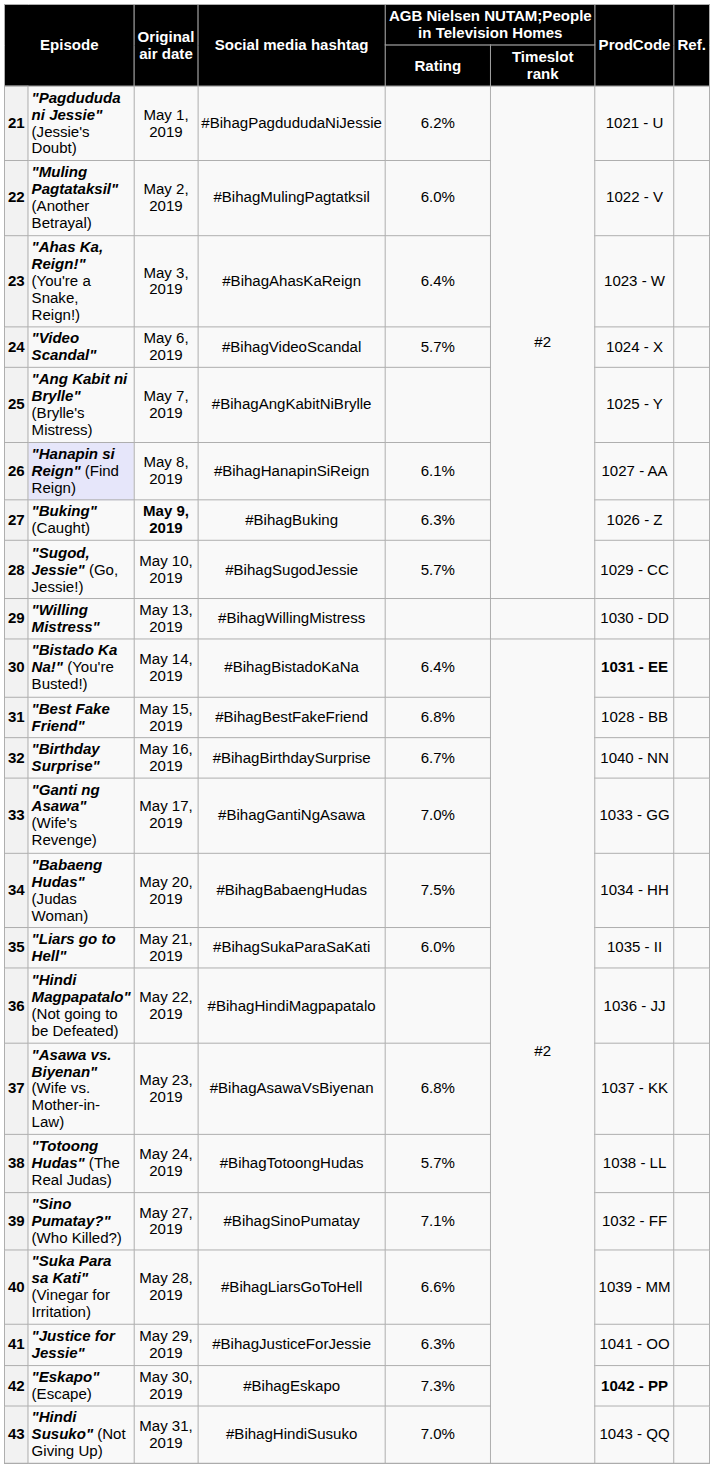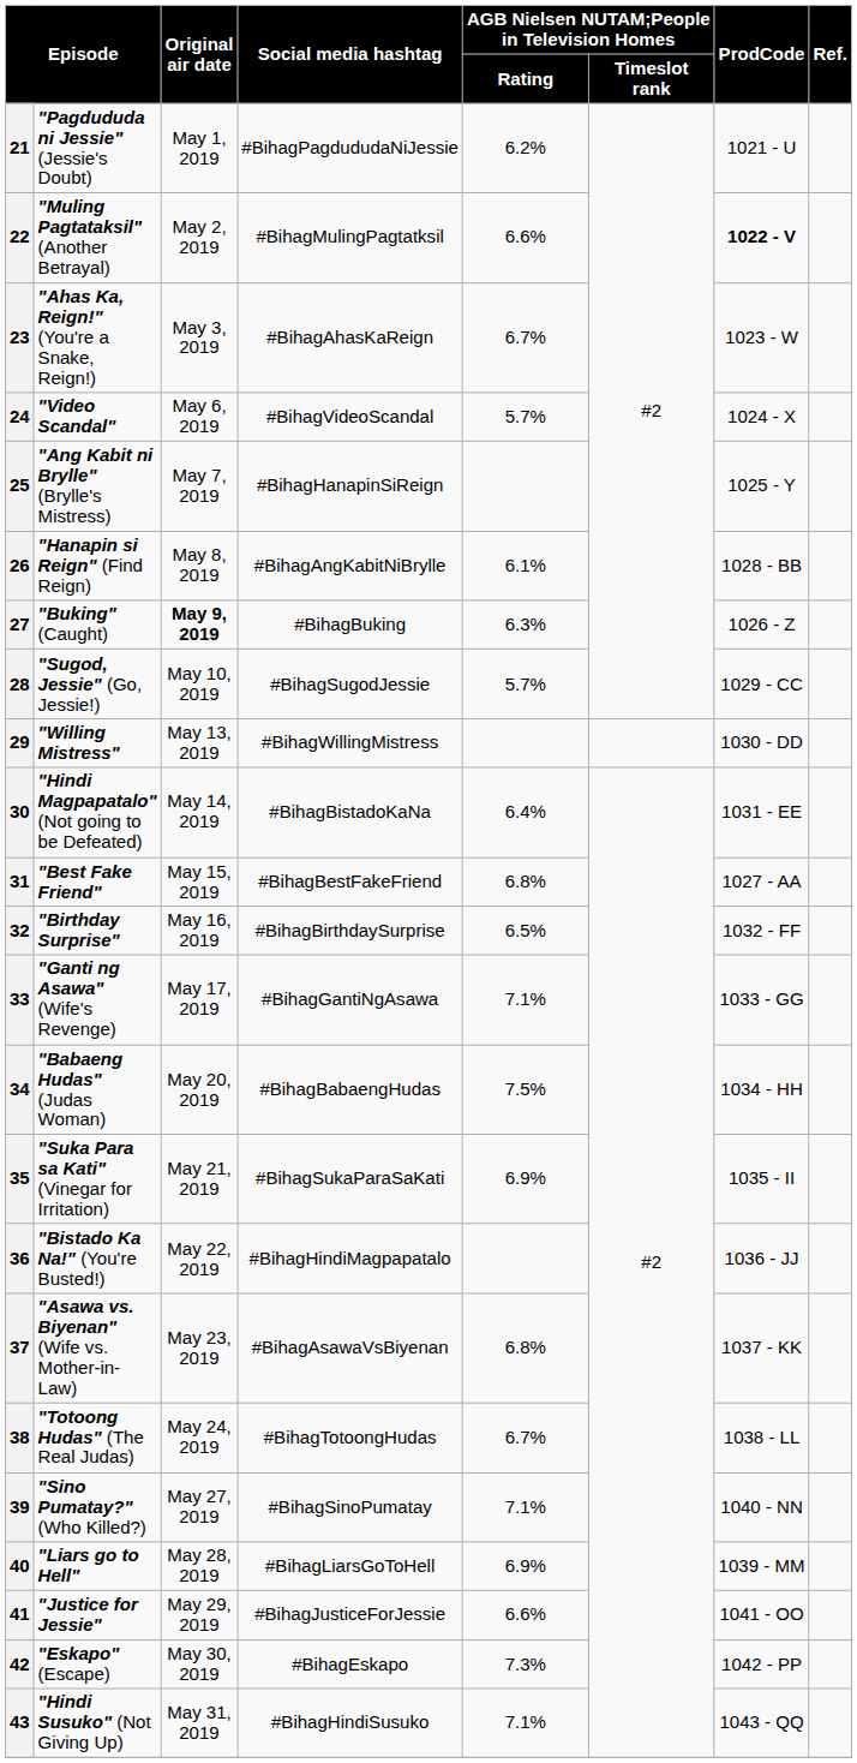 <table class="wikitable" style="text-align:center; font-size:100%; line-height:18px;" width="100%">
 <tr>
 <th style="background-color:#000000; color:#ffffff;" colspan="2" rowspan="2">Episode</th>
 <th style="background-color:#000000; color:white" rowspan="2">Original air date</th>
 <th style="background-color:#000000; color:white" rowspan="2">Social media hashtag</th>
 <th style="background-color:#000000; color:#ffffff;" colspan="2">AGB Nielsen NUTAM;People in Television Homes</th>
 <th style="background-color:#000000; color:#ffffff;" rowspan="2">ProdCode</th>
 <th style="background-color:#000000;  color:#ffffff;" rowspan="2">Ref.</th>
 </tr>
 <tr>
 <th style="background-color:#000000; width:75px; color:#ffffff;">Rating</th>
 <th style="background-color:#000000;  width:75px; color:#ffffff;">Timeslot<br>rank</th>
 </tr>
 <tr>
 <th>21</th>
 <td style="text-align: left;"><strong><em>"Pagdududa ni Jessie"</em></strong> (Jessie's Doubt)</td>
 <td>May 1, 2019</td>
 <td>#BihagPagdududaNiJessie</td>
 <td>6.2%</td>
 <td rowspan="8">#2</td>
 <td>1021 - U</td>
 <td></td>
 </tr>
 <tr>
 <th>22</th>
 <td style="text-align: left;"><strong><em>"Muling Pagtataksil"</em></strong> (Another Betrayal)</td>
 <td>May 2, 2019</td>
 <td>#BihagMulingPagtatksil</td>
-<td>6.0%</td>
-<td>1022 - V</td>
+<td>6.6%</td>
+<td><strong>1022 - V</strong></td>
 <td></td>
 </tr>
 <tr>
 <th>23</th>
 <td style="text-align: left;"><strong><em>"Ahas Ka, Reign!"</em></strong> (You're a Snake, Reign!)</td>
 <td>May 3, 2019</td>
 <td>#BihagAhasKaReign</td>
-<td>6.4%</td>
+<td>6.7%</td>
 <td>1023 - W</td>
 <td></td>
 </tr>
 <tr>
 <th>24</th>
 <td style="text-align: left;"><strong><em>"Video Scandal"</em></strong></td>
 <td>May 6, 2019</td>
 <td>#BihagVideoScandal</td>
 <td>5.7%</td>
 <td>1024 - X</td>
 <td></td>
 </tr>
 <tr>
 <th>25</th>
 <td style="text-align: left;"><strong><em>"Ang Kabit ni Brylle"</em></strong> (Brylle's Mistress)</td>
 <td>May 7, 2019</td>
-<td>#BihagAngKabitNiBrylle</td>
+<td>#BihagHanapinSiReign</td>
 <td></td>
 <td>1025 - Y</td>
 <td></td>
 </tr>
 <tr>
 <th>26</th>
-<td style="background: lavender; text-align: left;"><strong><em>"Hanapin si Reign"</em></strong> (Find Reign)</td>
+<td style="text-align: left;"><strong><em>"Hanapin si Reign"</em></strong> (Find Reign)</td>
 <td>May 8, 2019</td>
-<td>#BihagHanapinSiReign</td>
+<td>#BihagAngKabitNiBrylle</td>
 <td>6.1%</td>
-<td>1027 - AA</td>
+<td>1028 - BB</td>
 <td></td>
 </tr>
 <tr>
 <th>27</th>
 <td style="text-align: left;"><strong><em>"Buking"</em></strong> (Caught)</td>
 <td><strong>May 9, 2019</strong></td>
 <td>#BihagBuking</td>
 <td>6.3%</td>
 <td>1026 - Z</td>
 <td></td>
 </tr>
 <tr>
 <th>28</th>
 <td style="text-align: left;"><strong><em>"Sugod, Jessie"</em></strong> (Go, Jessie!)</td>
 <td>May 10, 2019</td>
 <td>#BihagSugodJessie</td>
 <td>5.7%</td>
 <td>1029 - CC</td>
 <td></td>
 </tr>
 <tr>
 <th>29</th>
 <td style="text-align: left;"><strong><em>"Willing Mistress"</em></strong></td>
 <td>May 13, 2019</td>
 <td>#BihagWillingMistress</td>
 <td></td>
 <td></td>
 <td>1030 - DD</td>
 <td></td>
 </tr>
 <tr>
 <th>30</th>
-<td style="text-align: left;"><strong><em>"Bistado Ka Na!"</em></strong> (You're Busted!)</td>
+<td style="text-align: left;"><strong><em>"Hindi Magpapatalo"</em></strong> (Not going to be Defeated)</td>
 <td>May 14, 2019</td>
 <td>#BihagBistadoKaNa</td>
 <td>6.4%</td>
 <td rowspan="14">#2</td>
-<td><strong>1031 - EE</strong></td>
+<td>1031 - EE</td>
 <td></td>
 </tr>
 <tr>
 <th>31</th>
 <td style="text-align: left;"><strong><em>"Best Fake Friend"</em></strong></td>
 <td>May 15, 2019</td>
 <td>#BihagBestFakeFriend</td>
 <td>6.8%</td>
-<td>1028 - BB</td>
+<td>1027 - AA</td>
 <td></td>
 </tr>
 <tr>
 <th>32</th>
 <td style="text-align: left;"><strong><em>"Birthday Surprise"</em></strong></td>
 <td>May 16, 2019</td>
 <td>#BihagBirthdaySurprise</td>
-<td>6.7%</td>
-<td>1040 - NN</td>
+<td>6.5%</td>
+<td>1032 - FF</td>
 <td></td>
 </tr>
 <tr>
 <th>33</th>
 <td style="text-align: left;"><strong><em>"Ganti ng Asawa"</em></strong> (Wife's Revenge)</td>
 <td>May 17, 2019</td>
 <td>#BihagGantiNgAsawa</td>
-<td>7.0%</td>
+<td>7.1%</td>
 <td>1033 - GG</td>
 <td></td>
 </tr>
 <tr>
 <th>34</th>
 <td style="text-align: left;"><strong><em>"Babaeng Hudas"</em></strong> (Judas Woman)</td>
 <td>May 20, 2019</td>
 <td>#BihagBabaengHudas</td>
 <td>7.5%</td>
 <td>1034 - HH</td>
 <td></td>
 </tr>
 <tr>
 <th>35</th>
-<td style="text-align: left;"><strong><em>"Liars go to Hell"</em></strong></td>
+<td style="text-align: left;"><strong><em>"Suka Para sa Kati"</em></strong> (Vinegar for Irritation)</td>
 <td>May 21, 2019</td>
 <td>#BihagSukaParaSaKati</td>
-<td>6.0%</td>
+<td>6.9%</td>
 <td>1035 - II</td>
 <td></td>
 </tr>
 <tr>
 <th>36</th>
-<td style="text-align: left;"><strong><em>"Hindi Magpapatalo"</em></strong> (Not going to be Defeated)</td>
+<td style="text-align: left;"><strong><em>"Bistado Ka Na!"</em></strong> (You're Busted!)</td>
 <td>May 22, 2019</td>
 <td>#BihagHindiMagpapatalo</td>
 <td></td>
 <td>1036 - JJ</td>
 <td></td>
 </tr>
 <tr>
 <th>37</th>
 <td style="text-align: left;"><strong><em>"Asawa vs. Biyenan"</em></strong> (Wife vs. Mother-in-Law)</td>
 <td>May 23, 2019</td>
 <td>#BihagAsawaVsBiyenan</td>
 <td>6.8%</td>
 <td>1037 - KK</td>
 <td></td>
 </tr>
 <tr>
 <th>38</th>
 <td style="text-align: left;"><strong><em>"Totoong Hudas"</em></strong> (The Real Judas)</td>
 <td>May 24, 2019</td>
 <td>#BihagTotoongHudas</td>
-<td>5.7%</td>
+<td>6.7%</td>
 <td>1038 - LL</td>
 <td></td>
 </tr>
 <tr>
 <th>39</th>
 <td style="text-align: left;"><strong><em>"Sino Pumatay?"</em></strong> (Who Killed?)</td>
 <td>May 27, 2019</td>
 <td>#BihagSinoPumatay</td>
 <td>7.1%</td>
-<td>1032 - FF</td>
+<td>1040 - NN</td>
 <td></td>
 </tr>
 <tr>
 <th>40</th>
-<td style="text-align: left;"><strong><em>"Suka Para sa Kati"</em></strong> (Vinegar for Irritation)</td>
+<td style="text-align: left;"><strong><em>"Liars go to Hell"</em></strong></td>
 <td>May 28, 2019</td>
 <td>#BihagLiarsGoToHell</td>
-<td>6.6%</td>
+<td>6.9%</td>
 <td>1039 - MM</td>
 <td></td>
 </tr>
 <tr>
 <th>41</th>
 <td style="text-align: left;"><strong><em>"Justice for Jessie"</em></strong></td>
 <td>May 29, 2019</td>
 <td>#BihagJusticeForJessie</td>
-<td>6.3%</td>
+<td>6.6%</td>
 <td>1041 - OO</td>
 <td></td>
 </tr>
 <tr>
 <th>42</th>
 <td style="text-align: left;"><strong><em>"Eskapo"</em></strong> (Escape)</td>
 <td>May 30, 2019</td>
 <td>#BihagEskapo</td>
 <td>7.3%</td>
-<td><strong>1042 - PP</strong></td>
+<td>1042 - PP</td>
 <td></td>
 </tr>
 <tr>
 <th>43</th>
 <td style="text-align: left;"><strong><em>"Hindi Susuko"</em></strong> (Not Giving Up)</td>
 <td>May 31, 2019</td>
 <td>#BihagHindiSusuko</td>
-<td>7.0%</td>
+<td>7.1%</td>
 <td>1043 - QQ</td>
 <td></td>
 </tr>
 <tr>
 </tr>
 </table>
